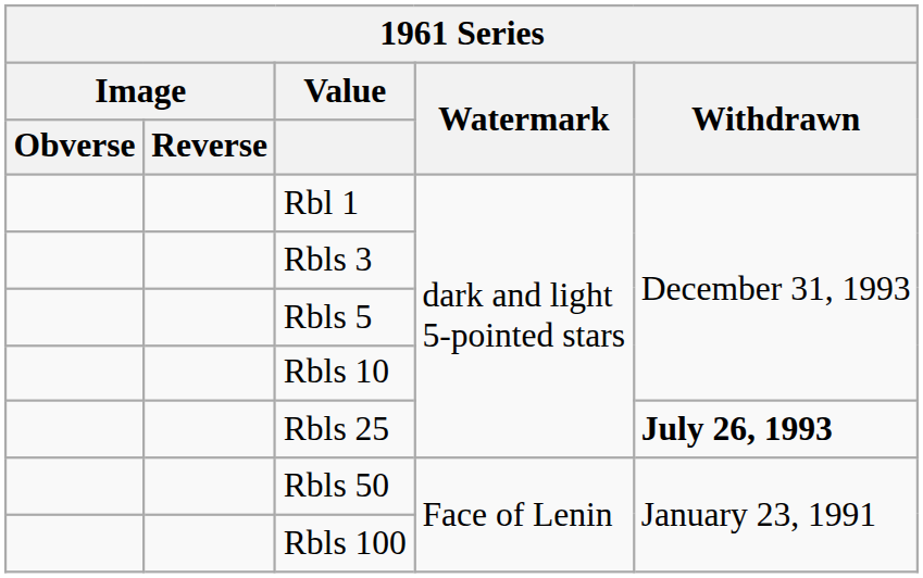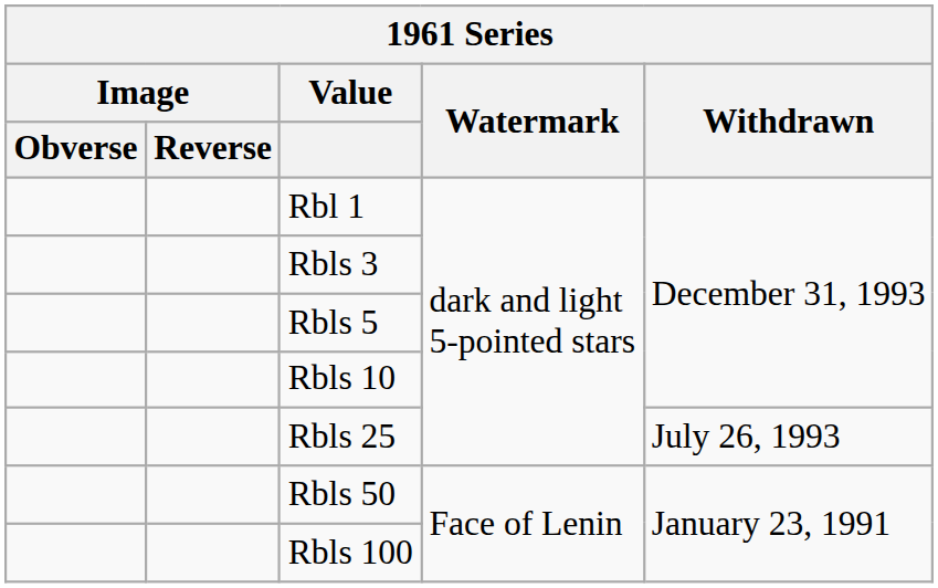 <table class="wikitable" style="font-size: 90%">
 <tr>
 <th colspan="5">1961 Series</th>
 </tr>
 <tr>
 <th colspan="2">Image</th>
 <th>Value</th>
 <th rowspan="2">Watermark</th>
 <th rowspan="2">Withdrawn</th>
 </tr>
 <tr>
 <th>Obverse</th>
 <th>Reverse</th>
 <th></th>
 </tr>
 <tr>
 <td></td>
 <td></td>
 <td>Rbl 1</td>
 <td rowspan="5">dark and light<br>5-pointed stars</td>
 <td rowspan="4">December 31, 1993</td>
 </tr>
 <tr>
 <td></td>
 <td></td>
 <td>Rbls 3</td>
 </tr>
 <tr>
 <td></td>
 <td></td>
 <td>Rbls 5</td>
 </tr>
 <tr>
 <td></td>
 <td></td>
 <td>Rbls 10</td>
 </tr>
 <tr>
 <td></td>
 <td></td>
 <td>Rbls 25</td>
-<td><strong>July 26, 1993</strong></td>
+<td>July 26, 1993</td>
 </tr>
 <tr>
 <td></td>
 <td></td>
 <td>Rbls 50</td>
 <td rowspan="2">Face of Lenin</td>
 <td rowspan="2">January 23, 1991</td>
 </tr>
 <tr>
 <td></td>
 <td></td>
 <td>Rbls 100</td>
 </tr>
 </table>
